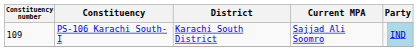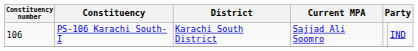 <table class="wikitable">
 <tr>
 <th width="50px" style="font-size:75%">Constituency number</th>
 <th>Constituency</th>
 <th>District</th>
 <th>Current MPA</th>
 <th colspan="2">Party</th>
 </tr>
 <tr>
-<td>109</td>
+<td>106</td>
 <td><a href='#'>PS-106 Karachi South-I</a></td>
 <td><a href='#'>Karachi South District</a></td>
 <td><a href='#'>Sajjad Ali Soomro</a></td>
 <td></td>
-<td style="background: lightblue;"><a href='#'>IND</a></td>
+<td><a href='#'>IND</a></td>
 </tr>
 <tr>
 </tr>
 </table>
